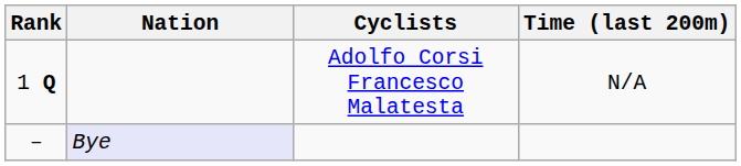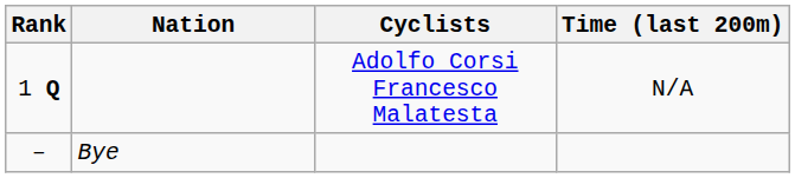 <table class="wikitable" style="text-align:center;">
 <tr>
 <th>Rank</th>
 <th style="width:10em">Nation</th>
 <th style="width:10em">Cyclists</th>
 <th>Time (last 200m)</th>
 </tr>
 <tr>
 <td>1 <strong>Q</strong></td>
 <td align=left></td>
 <td><a href='#'>Adolfo Corsi</a> <br> <a href='#'>Francesco Malatesta</a></td>
 <td>N/A</td>
 </tr>
 <tr>
 <td>–</td>
-<td align=left style="background: lavender;"><em>Bye</em></td>
+<td align=left><em>Bye</em></td>
 <td></td>
 </tr>
 </table>
